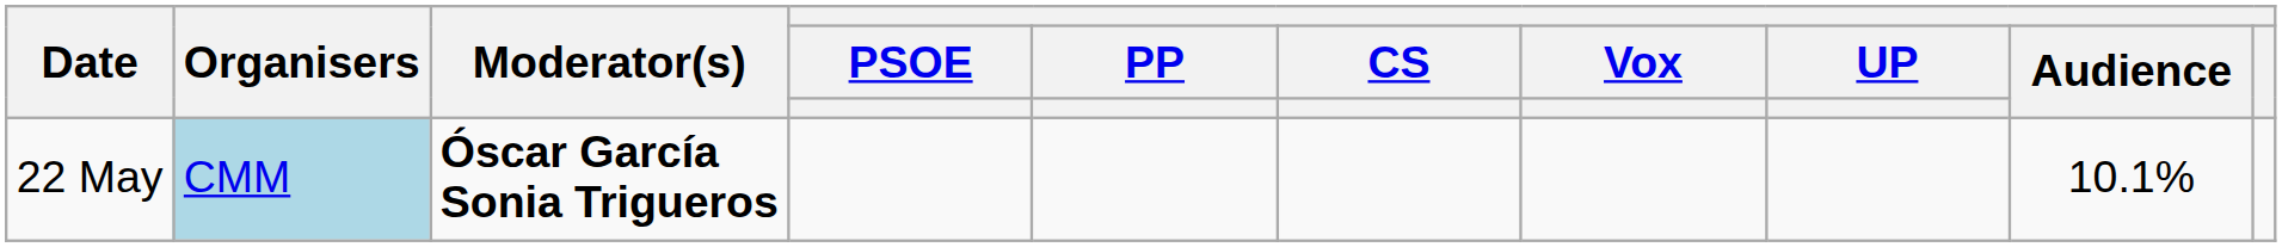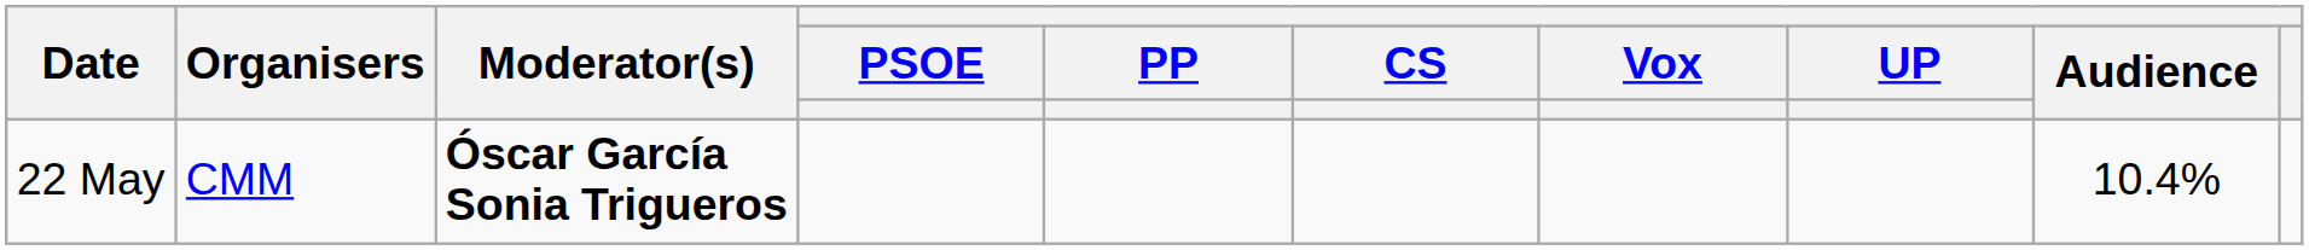 <table class="wikitable" style="text-align:center;">
 <tr>
 <th rowspan="3">Date</th>
 <th rowspan="3">Organisers</th>
 <th rowspan="3">Moderator(s)</th>
 <th colspan="8">  </th>
 </tr>
 <tr>
 <th scope="col" style="width:5em;"><a href='#'>PSOE</a></th>
 <th scope="col" style="width:5em;"><a href='#'>PP</a></th>
 <th scope="col" style="width:5em;"><a href='#'>CS</a></th>
 <th scope="col" style="width:5em;"><a href='#'>Vox</a></th>
 <th scope="col" style="width:5em;"><a href='#'>UP</a></th>
 <th rowspan="2" scope="col" style="width:5em;">Audience</th>
 <th rowspan="2"></th>
 </tr>
 <tr>
 <th style="color:inherit;background:"></th>
 <th style="color:inherit;background:"></th>
 <th style="color:inherit;background:"></th>
 <th style="color:inherit;background:"></th>
 <th style="color:inherit;background:"></th>
 </tr>
 <tr>
 <td style="white-space:nowrap; text-align:left;">22 May</td>
-<td style="background: lightblue; white-space:nowrap; text-align:left;"><a href='#'>CMM</a></td>
+<td style="white-space:nowrap; text-align:left;"><a href='#'>CMM</a></td>
 <td style="white-space:nowrap; text-align:left;"><strong>Óscar García<br>Sonia Trigueros</strong></td>
 <td></td>
 <td></td>
 <td></td>
 <td></td>
 <td></td>
-<td>10.1%<br></td>
+<td>10.4%<br></td>
 <td><br></td>
 </tr>
 </table>
